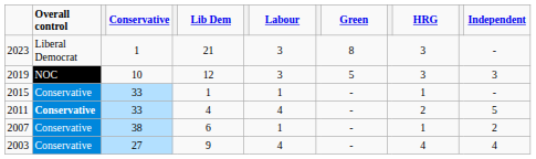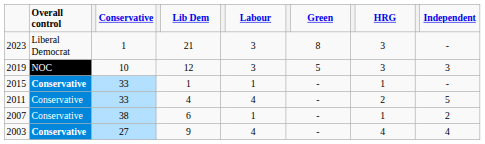 <table class="wikitable" style="text-align:left; padding-left:1em; font-size: 95%">
 <tr>
 <td width=32></td>
 <td width=90><strong>Overall control</strong></td>
 <th style="background-color: "></th>
 <td width=87 align="center"><strong><a href='#'>Conservative</a></strong></td>
 <th style="background-color: "></th>
 <td width=87 align="center"><strong><a href='#'>Lib Dem</a></strong></td>
 <th style="background-color: "></th>
 <td width=87 align="center"><strong><a href='#'>Labour</a></strong></td>
 <th style="background-color: "></th>
 <td width=87 align="center"><strong><a href='#'>Green</a></strong></td>
 <th style="background-color: "></th>
 <td width=87 align="center"><strong><a href='#'>HRG</a></strong></td>
 <th style="background-color: "></th>
 <td width=87 align="center"><strong><a href='#'>Independent</a></strong></td>
 </tr>
 <tr>
 <td>2023</td>
 <td style="background:">Liberal Democrat</td>
 <td colspan=2 align="center">1</td>
 <td colspan=2 align="center">21</td>
 <td colspan=2 align="center">3</td>
 <td colspan=2 align="center">8</td>
 <td colspan=2 align="center">3</td>
 <td colspan=2 align="center">-</td>
 </tr>
 <tr>
 <td>2019</td>
 <td style="background:black; color:white">NOC</td>
 <td colspan=2 align="center">10</td>
 <td colspan=2 align="center">12</td>
 <td colspan=2 align="center">3</td>
 <td colspan=2 align="center">5</td>
 <td colspan=2 align="center">3</td>
 <td colspan=2 align="center">3</td>
 </tr>
 <tr>
 <td>2015</td>
-<td style="background:#0087DC; color:white">Conservative</td>
+<td style="background:#0087DC; color:white"><strong>Conservative</strong></td>
 <td colspan=2 align="center" style="background:#B3E0FF">33</td>
 <td colspan=2 align="center">1</td>
 <td colspan=2 align="center">1</td>
 <td colspan=2 align="center">-</td>
 <td colspan=2 align="center">1</td>
 <td colspan=2 align="center">-</td>
 </tr>
 <tr>
 <td>2011</td>
-<td style="background:#0087DC; color:white"><strong>Conservative</strong></td>
+<td style="background:#0087DC; color:white">Conservative</td>
 <td colspan=2 align="center" style="background:#B3E0FF">33</td>
 <td colspan=2 align="center">4</td>
 <td colspan=2 align="center">4</td>
 <td colspan=2 align="center">-</td>
 <td colspan=2 align="center">2</td>
 <td colspan=2 align="center">5</td>
 </tr>
 <tr>
 <td>2007</td>
 <td style="background:#0087DC; color:white">Conservative</td>
 <td colspan=2 align="center" style="background:#B3E0FF">38</td>
 <td colspan=2 align="center">6</td>
 <td colspan=2 align="center">1</td>
 <td colspan=2 align="center">-</td>
 <td colspan=2 align="center">1</td>
 <td colspan=2 align="center">2</td>
 </tr>
 <tr>
 <td>2003</td>
-<td style="background:#0087DC; color:white">Conservative</td>
+<td style="background:#0087DC; color:white"><strong>Conservative</strong></td>
 <td colspan=2 align="center" style="background:#B3E0FF">27</td>
 <td colspan=2 align="center">9</td>
 <td colspan=2 align="center">4</td>
 <td colspan=2 align="center">-</td>
 <td colspan=2 align="center">4</td>
 <td colspan=2 align="center">4</td>
 </tr>
 </table>
